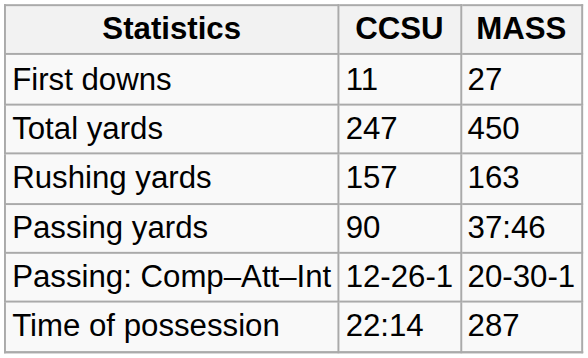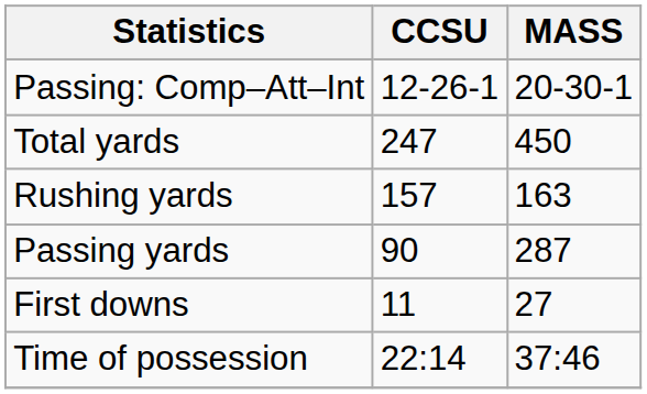 <table class="wikitable" style="float: left;">
 <tr>
 <th>Statistics</th>
 <th>CCSU</th>
 <th>MASS</th>
 </tr>
 <tr>
-<td>First downs</td>
-<td>11</td>
-<td>27</td>
+<td>Passing: Comp–Att–Int</td>
+<td>12-26-1</td>
+<td>20-30-1</td>
 </tr>
 <tr>
 <td>Total yards</td>
 <td>247</td>
 <td>450</td>
 </tr>
 <tr>
 <td>Rushing yards</td>
 <td>157</td>
 <td>163</td>
 </tr>
 <tr>
 <td>Passing yards</td>
 <td>90</td>
-<td>37:46</td>
+<td>287</td>
 </tr>
 <tr>
-<td>Passing: Comp–Att–Int</td>
-<td>12-26-1</td>
-<td>20-30-1</td>
+<td>First downs</td>
+<td>11</td>
+<td>27</td>
 </tr>
 <tr>
 <td>Time of possession</td>
 <td>22:14</td>
-<td>287</td>
+<td>37:46</td>
 </tr>
 <tr>
 </tr>
 </table>
